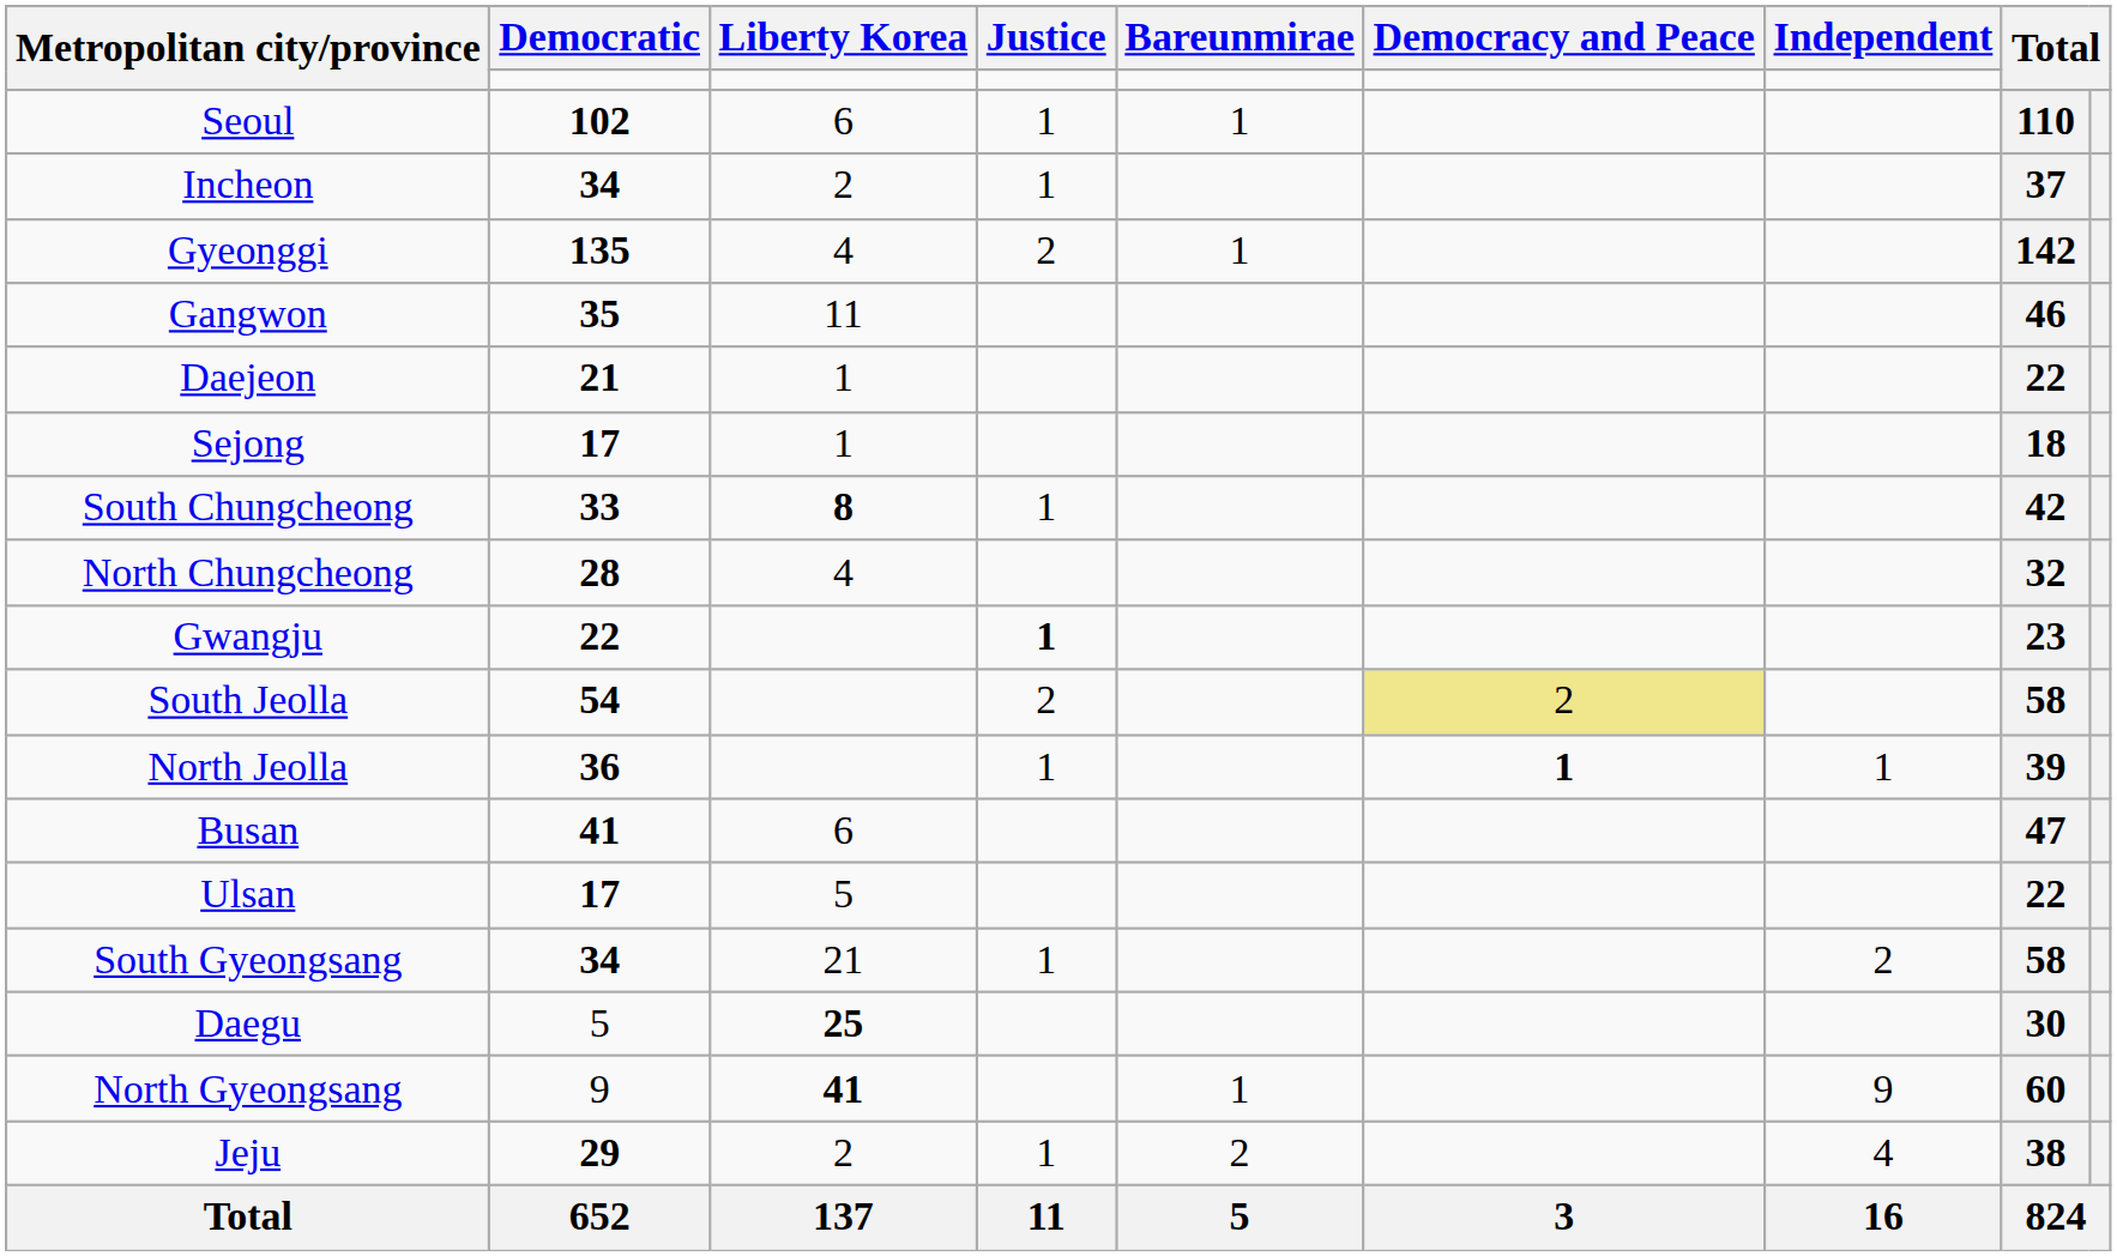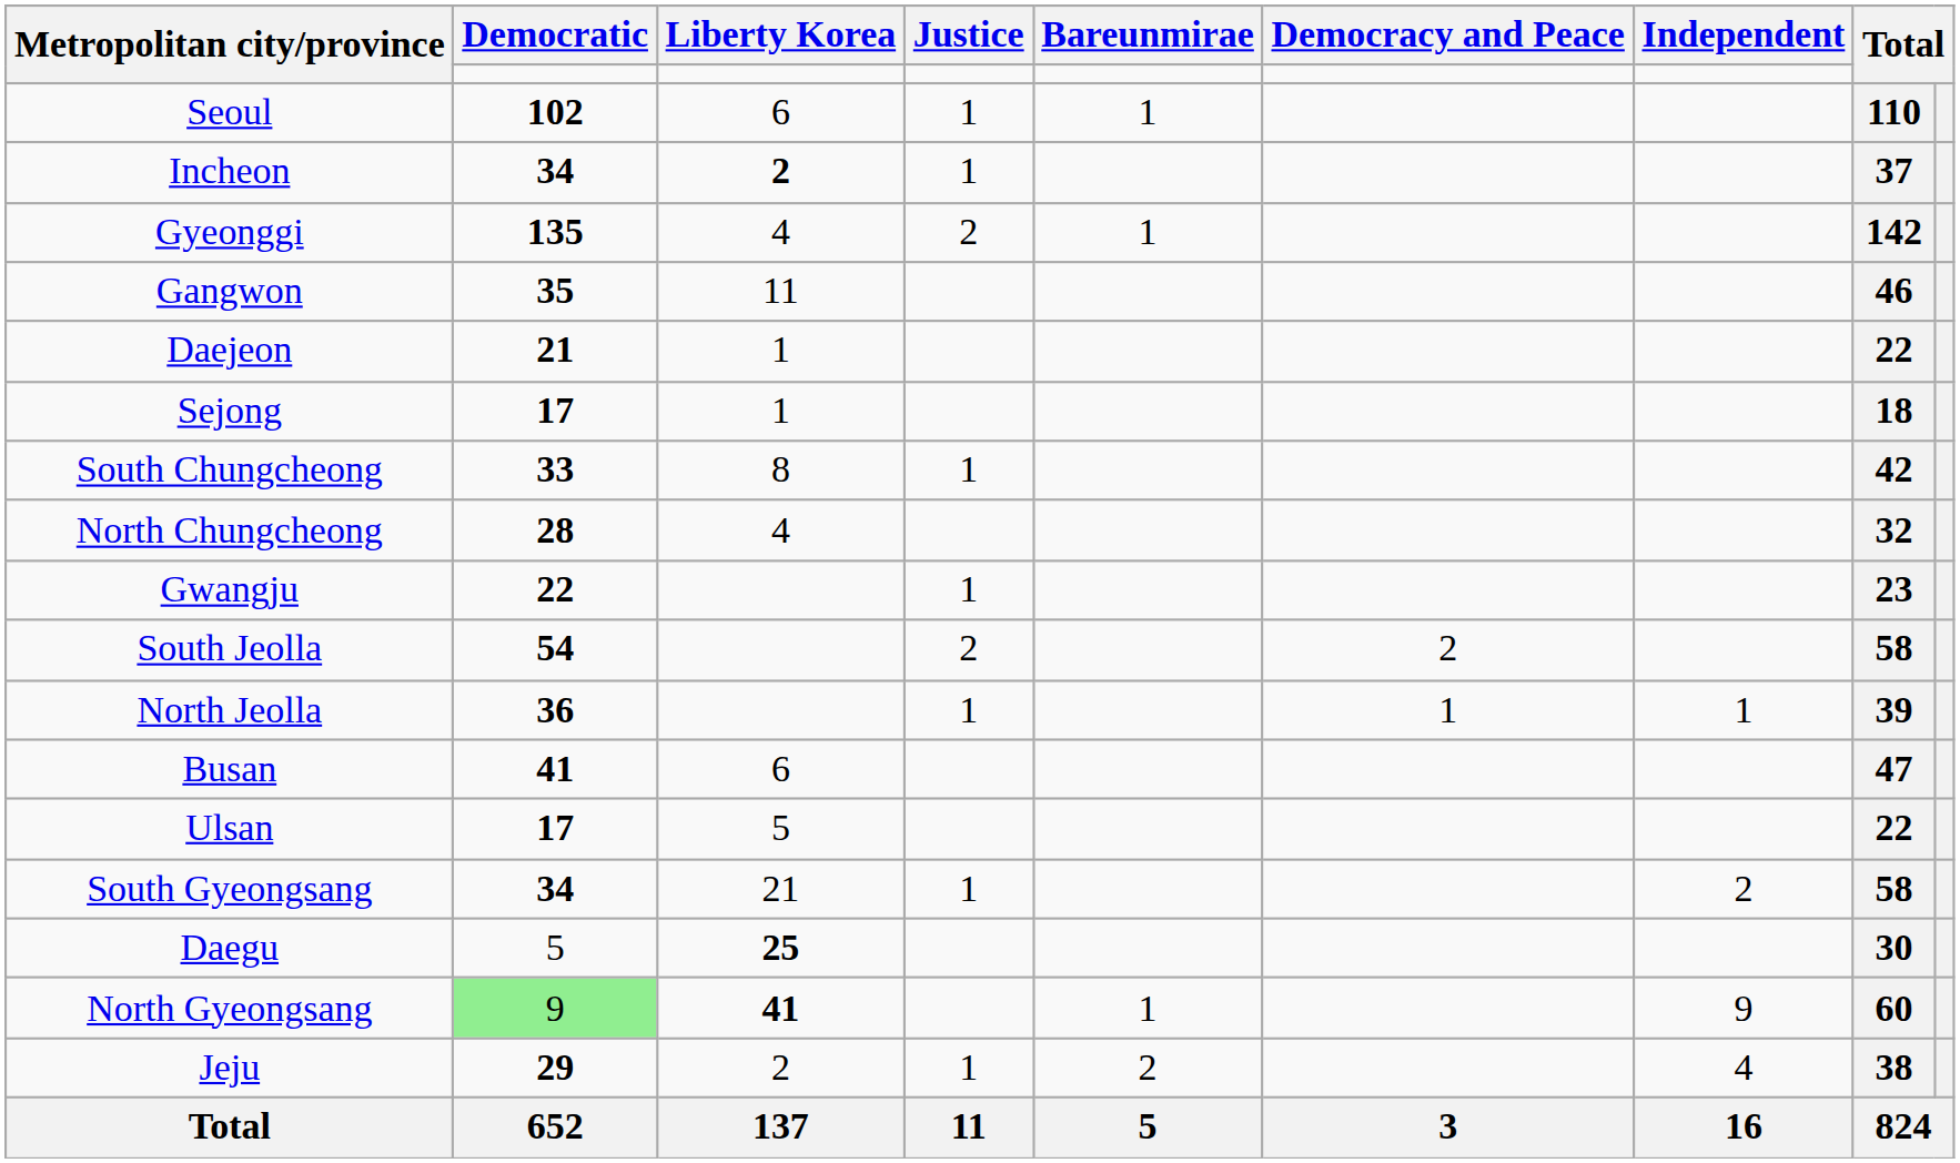 <table class="wikitable" style="text-align:center;">
 <tr>
 <th rowspan="2">Metropolitan city/province</th>
 <th><a href='#'>Democratic</a></th>
 <th><a href='#'>Liberty Korea</a></th>
 <th><a href='#'>Justice</a></th>
 <th><a href='#'>Bareunmirae</a></th>
 <th><a href='#'>Democracy and Peace</a></th>
 <th><a href='#'>Independent</a></th>
 <th colspan="2" rowspan="2">Total</th>
 </tr>
 <tr>
 <td style="background:"></td>
 <td style="background:"></td>
 <td style="background:"></td>
 <td style="background:"></td>
 <td style="background:"></td>
 <td style="background:"></td>
 </tr>
 <tr>
 <td><a href='#'>Seoul</a></td>
 <td><strong>102</strong></td>
 <td>6</td>
 <td>1</td>
 <td>1</td>
 <td></td>
 <td></td>
 <th>110</th>
 <th style="background:"></th>
 </tr>
 <tr>
 <td><a href='#'>Incheon</a></td>
 <td><strong>34</strong></td>
-<td>2</td>
+<td><strong>2</strong></td>
 <td>1</td>
 <td></td>
 <td></td>
 <td></td>
 <th>37</th>
 <th style="background:"></th>
 </tr>
 <tr>
 <td><a href='#'>Gyeonggi</a></td>
 <td><strong>135</strong></td>
 <td>4</td>
 <td>2</td>
 <td>1</td>
 <td></td>
 <td></td>
 <th>142</th>
 <th style="background:"></th>
 </tr>
 <tr>
 <td><a href='#'>Gangwon</a></td>
 <td><strong>35</strong></td>
 <td>11</td>
 <td></td>
 <td></td>
 <td></td>
 <td></td>
 <th>46</th>
 <th style="background:"></th>
 </tr>
 <tr>
 <td><a href='#'>Daejeon</a></td>
 <td><strong>21</strong></td>
 <td>1</td>
 <td></td>
 <td></td>
 <td></td>
 <td></td>
 <th>22</th>
 <th style="background:"></th>
 </tr>
 <tr>
 <td><a href='#'>Sejong</a></td>
 <td><strong>17</strong></td>
 <td>1</td>
 <td></td>
 <td></td>
 <td></td>
 <td></td>
 <th>18</th>
 <th style="background:"></th>
 </tr>
 <tr>
 <td><a href='#'>South Chungcheong</a></td>
 <td><strong>33</strong></td>
-<td><strong>8</strong></td>
+<td>8</td>
 <td>1</td>
 <td></td>
 <td></td>
 <td></td>
 <th>42</th>
 <th style="background:"></th>
 </tr>
 <tr>
 <td><a href='#'>North Chungcheong</a></td>
 <td><strong>28</strong></td>
 <td>4</td>
 <td></td>
 <td></td>
 <td></td>
 <td></td>
 <th>32</th>
 <th style="background:"></th>
 </tr>
 <tr>
 <td><a href='#'>Gwangju</a></td>
 <td><strong>22</strong></td>
 <td></td>
-<td><strong>1</strong></td>
+<td>1</td>
 <td></td>
 <td></td>
 <td></td>
 <th>23</th>
 <th style="background:"></th>
 </tr>
 <tr>
 <td><a href='#'>South Jeolla</a></td>
 <td><strong>54</strong></td>
 <td></td>
 <td>2</td>
 <td></td>
-<td style="background: khaki;">2</td>
+<td>2</td>
 <td></td>
 <th>58</th>
 <th style="background:"></th>
 </tr>
 <tr>
 <td><a href='#'>North Jeolla</a></td>
 <td><strong>36</strong></td>
 <td></td>
 <td>1</td>
 <td></td>
-<td><strong>1</strong></td>
+<td>1</td>
 <td>1</td>
 <th>39</th>
 <th style="background:"></th>
 </tr>
 <tr>
 <td><a href='#'>Busan</a></td>
 <td><strong>41</strong></td>
 <td>6</td>
 <td></td>
 <td></td>
 <td></td>
 <td></td>
 <th>47</th>
 <th style="background:"></th>
 </tr>
 <tr>
 <td><a href='#'>Ulsan</a></td>
 <td><strong>17</strong></td>
 <td>5</td>
 <td></td>
 <td></td>
 <td></td>
 <td></td>
 <th>22</th>
 <th style="background:"></th>
 </tr>
 <tr>
 <td><a href='#'>South Gyeongsang</a></td>
 <td><strong>34</strong></td>
 <td>21</td>
 <td>1</td>
 <td></td>
 <td></td>
 <td>2</td>
 <th>58</th>
 <th style="background:"></th>
 </tr>
 <tr>
 <td><a href='#'>Daegu</a></td>
 <td>5</td>
 <td><strong>25</strong></td>
 <td></td>
 <td></td>
 <td></td>
 <td></td>
 <th>30</th>
 <th style="background:"></th>
 </tr>
 <tr>
 <td><a href='#'>North Gyeongsang</a></td>
-<td>9</td>
+<td style="background: lightgreen;">9</td>
 <td><strong>41</strong></td>
 <td></td>
 <td>1</td>
 <td></td>
 <td>9</td>
 <th>60</th>
 <th style="background:"></th>
 </tr>
 <tr>
 <td><a href='#'>Jeju</a></td>
 <td><strong>29</strong></td>
 <td>2</td>
 <td>1</td>
 <td>2</td>
 <td></td>
 <td>4</td>
 <th>38</th>
 <th style="background:"></th>
 </tr>
 <tr>
 <th>Total</th>
 <th>652</th>
 <th>137</th>
 <th>11</th>
 <th>5</th>
 <th>3</th>
 <th>16</th>
 <th colspan="2">824</th>
 </tr>
 </table>
